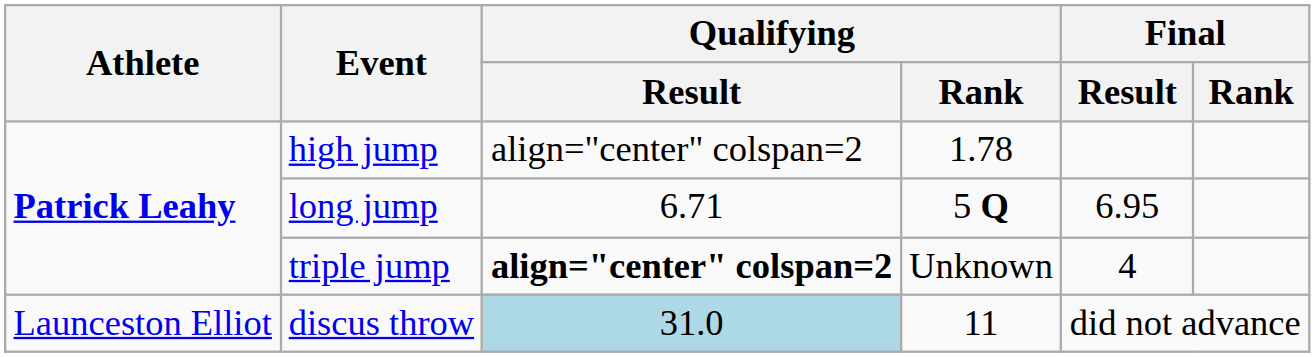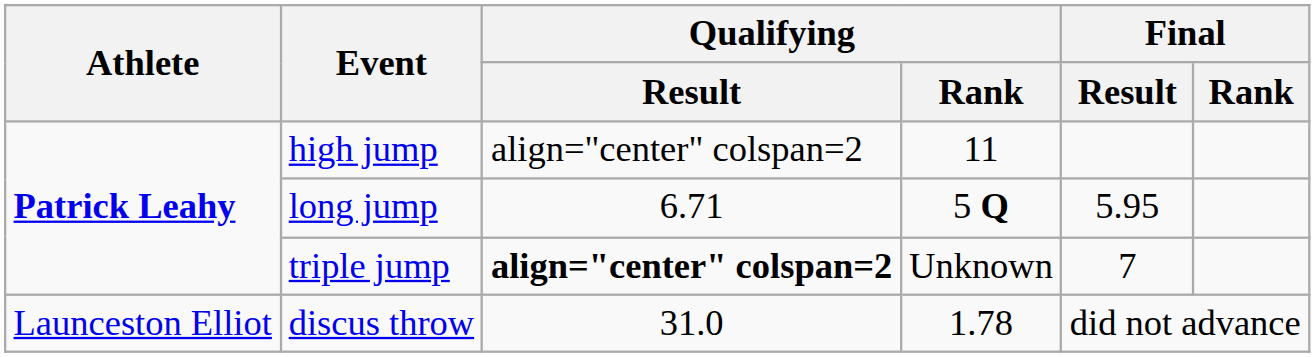 <table class="wikitable sortable">
 <tr>
 <th rowspan="2">Athlete</th>
 <th rowspan="2">Event</th>
 <th colspan="2">Qualifying</th>
 <th colspan="2">Final</th>
 </tr>
 <tr>
 <th>Result</th>
 <th>Rank</th>
 <th>Result</th>
 <th>Rank</th>
 </tr>
 <tr>
 <td rowspan=3><strong><a href='#'>Patrick Leahy</a></strong></td>
 <td><a href='#'>high jump</a></td>
 <td>align="center" colspan=2 </td>
-<td align="center">1.78</td>
+<td align="center">11</td>
 <td align="center"></td>
 </tr>
 <tr>
 <td><a href='#'>long jump</a></td>
 <td align="center">6.71</td>
 <td align="center">5 <strong>Q</strong></td>
-<td align="center">6.95</td>
+<td align="center">5.95</td>
 <td align="center"></td>
 </tr>
 <tr>
 <td><a href='#'>triple jump</a></td>
 <td><strong>align="center" colspan=2 </strong></td>
 <td align="center">Unknown</td>
-<td align="center">4</td>
+<td align="center">7</td>
 </tr>
 <tr>
 <td><a href='#'>Launceston Elliot</a></td>
 <td><a href='#'>discus throw</a></td>
-<td align="center" style="background: lightblue;">31.0</td>
-<td align="center">11</td>
+<td align="center">31.0</td>
+<td align="center">1.78</td>
 <td align="center" colspan=2>did not advance</td>
 </tr>
 </table>
